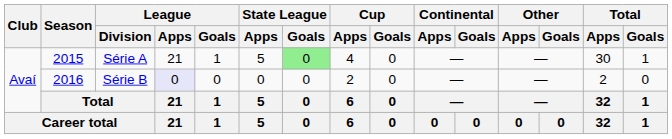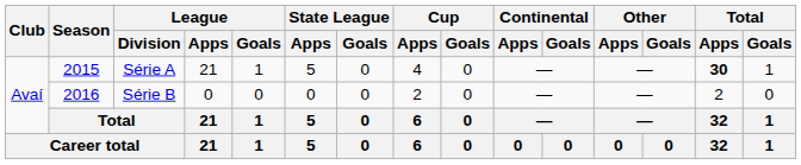 <table class="wikitable" style="text-align: center;">
 <tr>
 <th rowspan="2">Club</th>
 <th rowspan="2">Season</th>
 <th colspan="3">League</th>
 <th colspan="2">State League</th>
 <th colspan="2">Cup</th>
 <th colspan="2">Continental</th>
 <th colspan="2">Other</th>
 <th colspan="2">Total</th>
 </tr>
 <tr>
 <th>Division</th>
 <th>Apps</th>
 <th>Goals</th>
 <th>Apps</th>
 <th>Goals</th>
 <th>Apps</th>
 <th>Goals</th>
 <th>Apps</th>
 <th>Goals</th>
 <th>Apps</th>
 <th>Goals</th>
 <th>Apps</th>
 <th>Goals</th>
 </tr>
 <tr>
 <td rowspan="3" valign="center"><a href='#'>Avaí</a></td>
 <td><a href='#'>2015</a></td>
 <td><a href='#'>Série A</a></td>
 <td>21</td>
 <td>1</td>
 <td>5</td>
-<td style="background: lightgreen;">0</td>
+<td>0</td>
 <td>4</td>
 <td>0</td>
 <td colspan="2">—</td>
 <td colspan="2">—</td>
-<td>30</td>
+<td><strong>30</strong></td>
 <td>1</td>
 </tr>
 <tr>
 <td><a href='#'>2016</a></td>
 <td><a href='#'>Série B</a></td>
-<td style="background: lavender;">0</td>
+<td>0</td>
 <td>0</td>
 <td>0</td>
 <td>0</td>
 <td>2</td>
 <td>0</td>
 <td colspan="2">—</td>
 <td colspan="2">—</td>
 <td>2</td>
 <td>0</td>
 </tr>
 <tr>
 <th colspan="2">Total</th>
 <th>21</th>
 <th>1</th>
 <th>5</th>
 <th>0</th>
 <th>6</th>
 <th>0</th>
 <th colspan="2">—</th>
 <th colspan="2">—</th>
 <th>32</th>
 <th>1</th>
 </tr>
 <tr>
 <th colspan="3"><strong>Career total</strong></th>
 <th>21</th>
 <th>1</th>
 <th>5</th>
 <th>0</th>
 <th>6</th>
 <th>0</th>
 <th>0</th>
 <th>0</th>
 <th>0</th>
 <th>0</th>
 <th>32</th>
 <th>1</th>
 </tr>
 </table>
